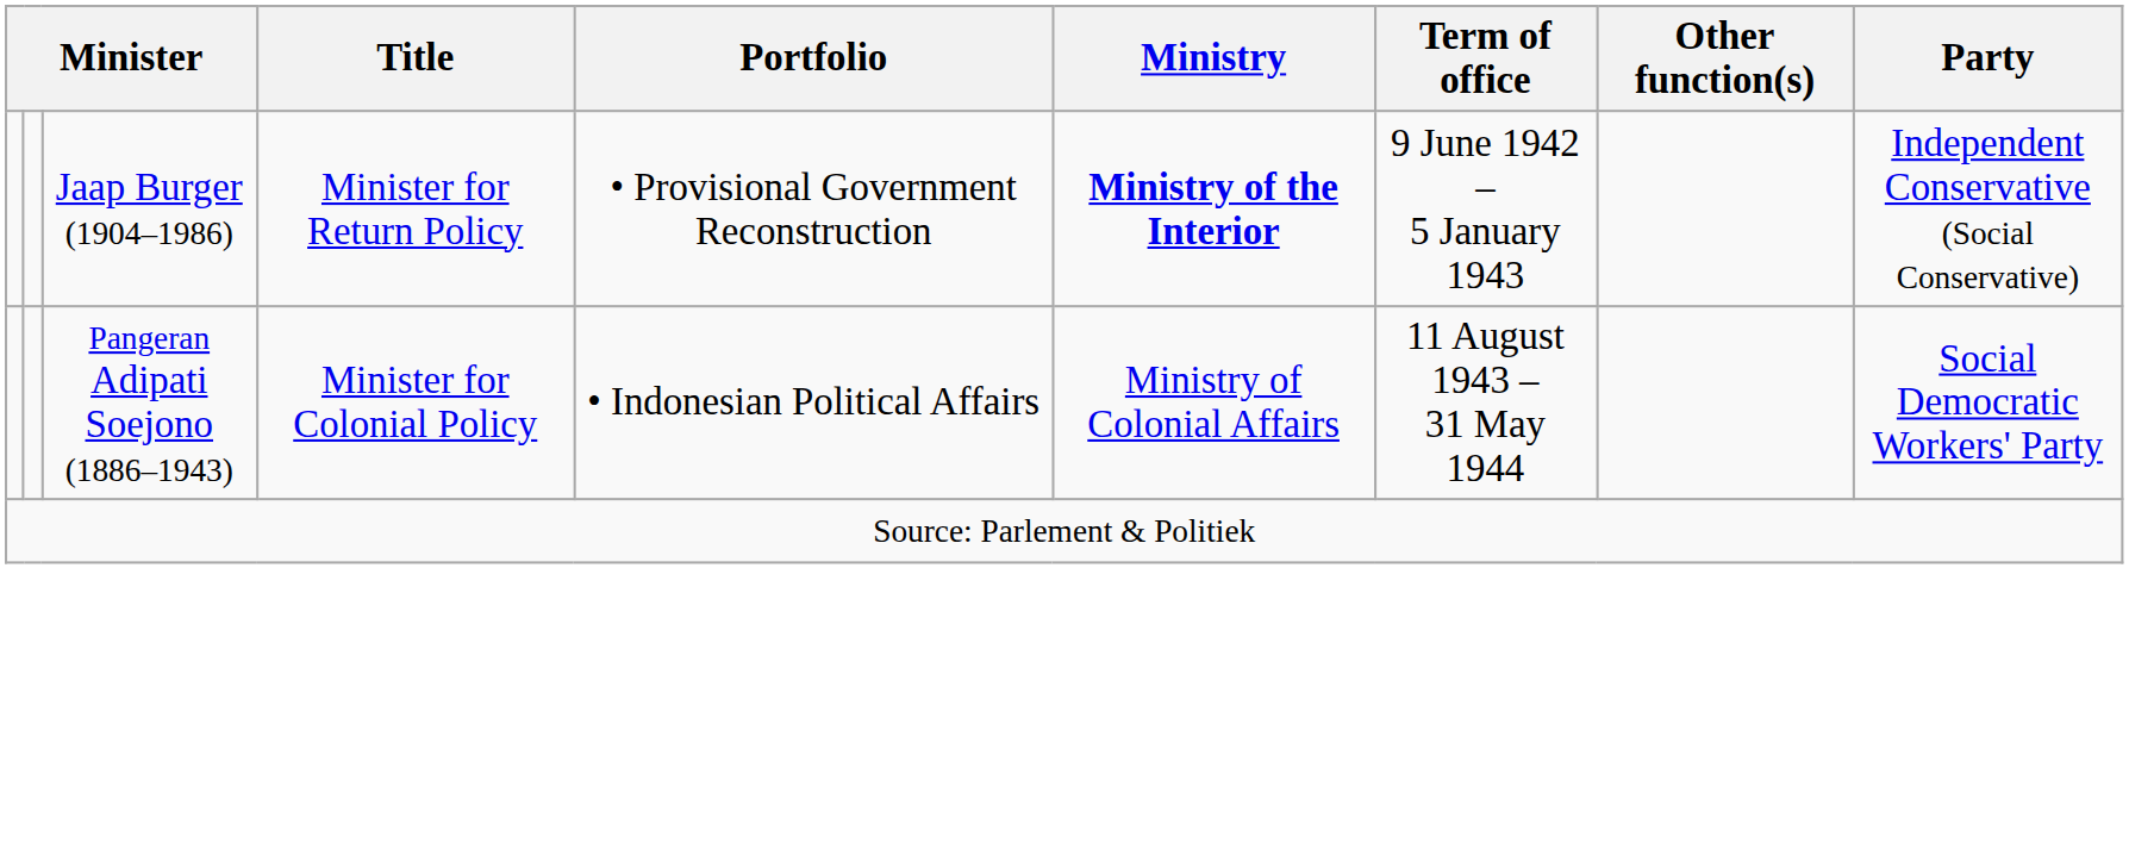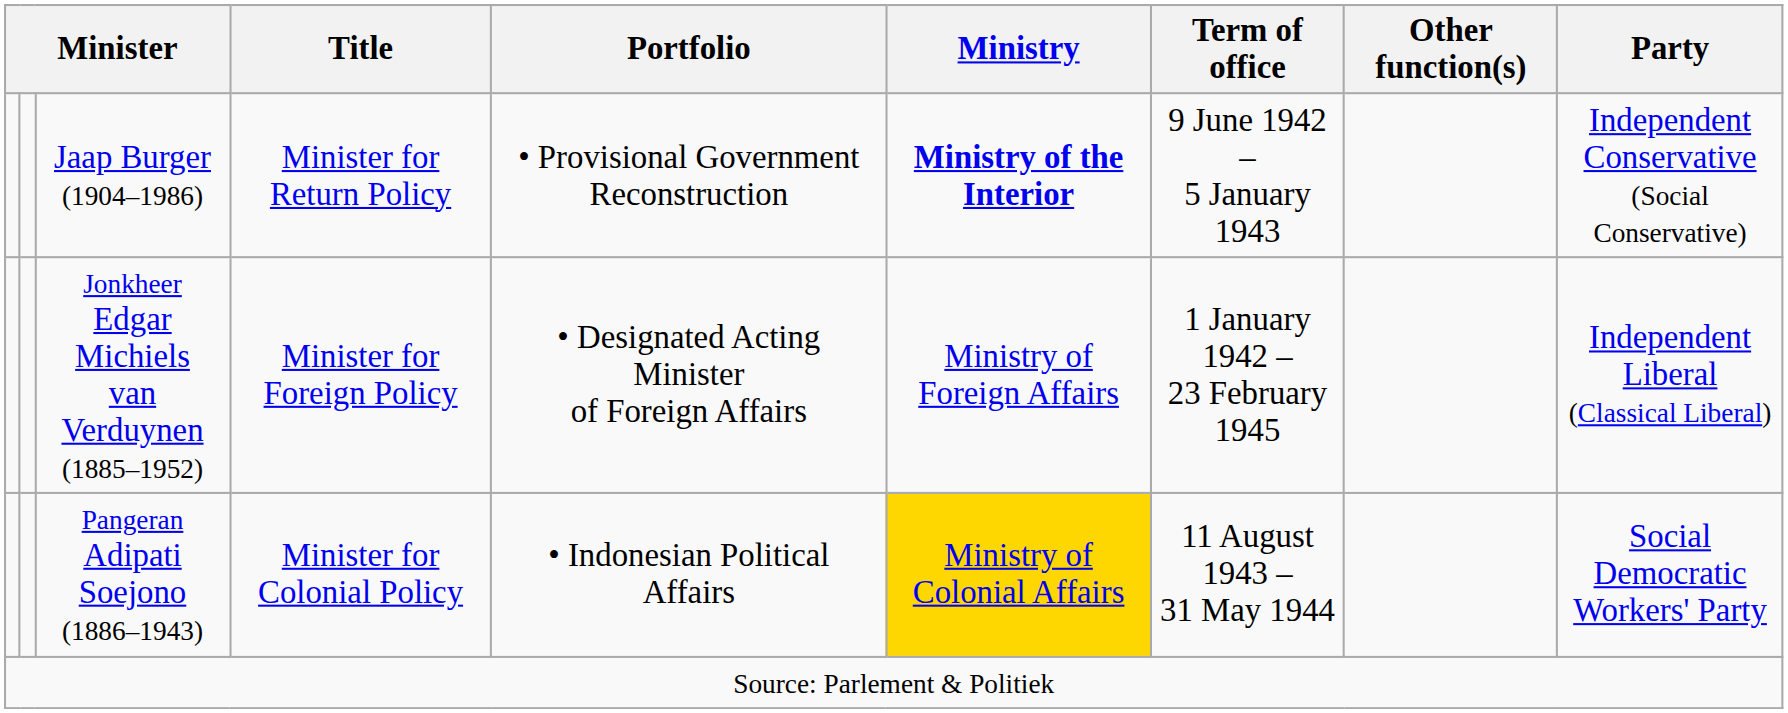 <table class="wikitable" style="text-align:center">
 <tr>
 <th colspan=3>Minister</th>
 <th>Title</th>
 <th>Portfolio</th>
 <th><a href='#'>Ministry</a></th>
 <th>Term of office</th>
 <th>Other function(s)</th>
 <th>Party</th>
 </tr>
 <tr>
 <td style="background:"></td>
 <td></td>
 <td><a href='#'>Jaap Burger</a> <br> <small>(1904–1986)</small></td>
 <td><a href='#'>Minister for Return Policy</a></td>
 <td>• Provisional Government Reconstruction</td>
 <td><strong><a href='#'>Ministry of the Interior</a></strong></td>
 <td>9 June 1942 – <br> 5 January 1943 <br> </td>
 <td></td>
 <td><a href='#'>Independent <br> Conservative</a> <br> <small>(Social Conservative)</small></td>
 </tr>
 <tr>
 <td style="background:"></td>
 <td></td>
+<td><small><a href='#'>Jonkheer</a></small> <br> <a href='#'>Edgar Michiels <br> van Verduynen</a> <br> <small>(1885–1952)</small></td>
+<td><a href='#'>Minister for Foreign Policy</a></td>
+<td>• Designated Acting Minister <br> of Foreign Affairs</td>
+<td><a href='#'>Ministry of Foreign Affairs</a></td>
+<td>1 January 1942 – <br> 23 February 1945</td>
+<td></td>
+<td><a href='#'>Independent <br> Liberal</a> <br> <small>(<a href='#'>Classical Liberal</a>)</small></td>
+</tr>
+<tr>
+<td style="background:"></td>
+<td></td>
 <td><small><a href='#'>Pangeran</a></small> <br> <a href='#'>Adipati Soejono</a> <br> <small>(1886–1943)</small></td>
 <td><a href='#'>Minister for Colonial Policy</a></td>
 <td>• Indonesian Political Affairs</td>
-<td><a href='#'>Ministry of Colonial Affairs</a></td>
+<td style="background: gold;"><a href='#'>Ministry of Colonial Affairs</a></td>
 <td>11 August 1943 – <br> 31 May 1944 <br> </td>
 <td></td>
 <td><a href='#'>Social Democratic <br> Workers' Party</a></td>
 </tr>
 <tr>
 <td colspan=9><small>Source:  Parlement & Politiek</small></td>
 </tr>
 </table>
